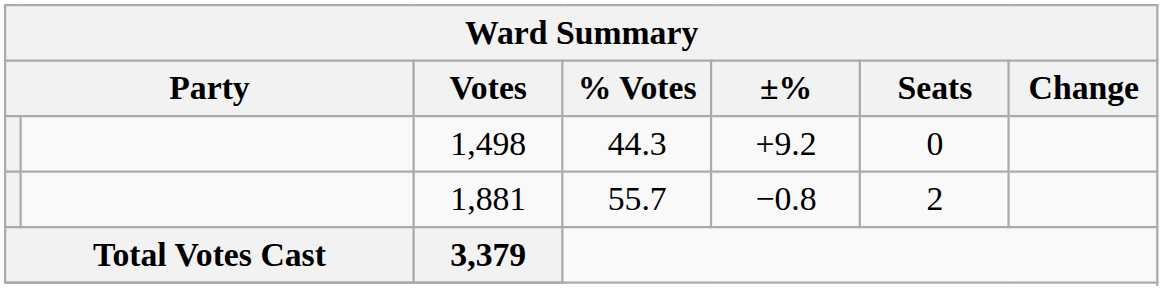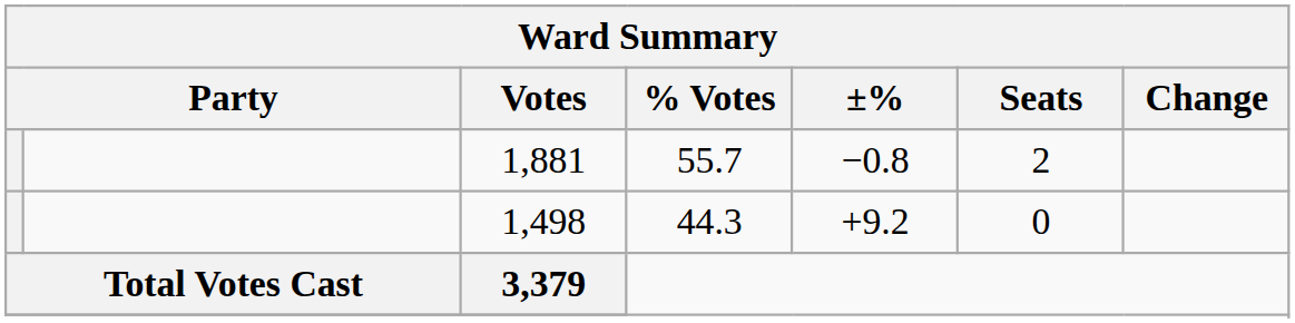 <table class="wikitable" style="font-size: 95%;">
 <tr>
 <th colspan="7">Ward Summary</th>
 </tr>
 <tr>
 <th colspan="2">Party</th>
 <th style="width: 60px">Votes</th>
 <th style="width: 60px">% Votes</th>
 <th style="width: 60px">±%</th>
 <th style="width: 60px">Seats</th>
 <th style="width: 60px">Change</th>
 </tr>
 <tr>
 <th style="background-color: "></th>
 <td style="width: 170px"><a href='#'></a></td>
-<td align="center">1,498</td>
-<td align="center">44.3</td>
-<td align="center">+9.2</td>
-<td align="center">0</td>
+<td align="center">1,881</td>
+<td align="center">55.7</td>
+<td align="center">−0.8</td>
+<td align="center">2</td>
 <td align="center"></td>
 </tr>
 <tr>
 <th style="background-color: "></th>
 <td style="width: 170px"><a href='#'></a></td>
-<td align="center">1,881</td>
-<td align="center">55.7</td>
-<td align="center">−0.8</td>
-<td align="center">2</td>
+<td align="center">1,498</td>
+<td align="center">44.3</td>
+<td align="center">+9.2</td>
+<td align="center">0</td>
 <td align="center"></td>
 </tr>
 <tr style="background-color:#E9E9E9">
 <th colspan="2">Total Votes Cast</th>
 <th style="width: 60px">3,379</th>
 </tr>
 <tr style="background-color:#E9E9E9">
 </tr>
 </table>
